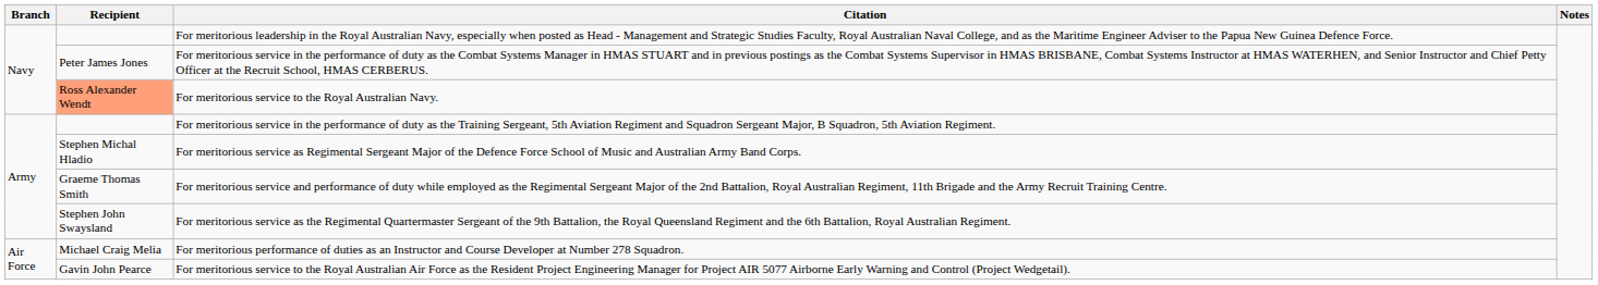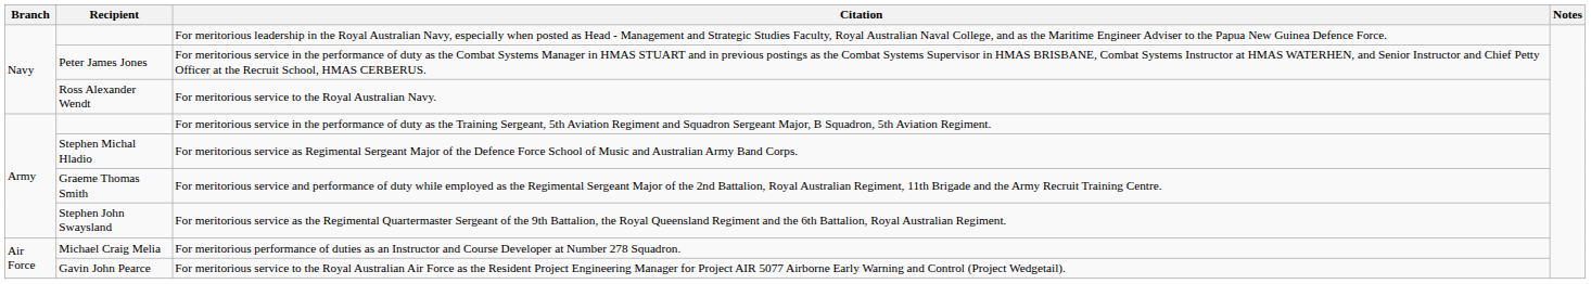 <table class="wikitable" style="font-size:95%;">
 <tr>
 <th>Branch</th>
 <th>Recipient</th>
 <th>Citation</th>
 <th>Notes</th>
 </tr>
 <tr>
 <td rowspan=3>Navy</td>
 <td></td>
 <td>For meritorious leadership in the Royal Australian Navy, especially when posted as Head - Management and Strategic Studies Faculty, Royal Australian Naval College, and as the Maritime Engineer Adviser to the Papua New Guinea Defence Force.</td>
 <td rowspan=9></td>
 </tr>
 <tr>
 <td> Peter James Jones</td>
 <td>For meritorious service in the performance of duty as the Combat Systems Manager in HMAS STUART and in previous postings as the Combat Systems Supervisor in HMAS BRISBANE, Combat Systems Instructor at HMAS WATERHEN, and Senior Instructor and Chief Petty Officer at the Recruit School, HMAS CERBERUS.</td>
 </tr>
 <tr>
-<td style="background: lightsalmon;"> Ross Alexander Wendt </td>
+<td> Ross Alexander Wendt </td>
 <td>For meritorious service to the Royal Australian Navy.</td>
 </tr>
 <tr>
 <td rowspan=4>Army</td>
 <td></td>
 <td>For meritorious service in the performance of duty as the Training Sergeant, 5th Aviation Regiment and Squadron Sergeant Major, B Squadron, 5th Aviation Regiment.</td>
 </tr>
 <tr>
 <td> Stephen Michal Hladio</td>
 <td>For meritorious service as Regimental Sergeant Major of the Defence Force School of Music and Australian Army Band Corps.</td>
 </tr>
 <tr>
 <td> Graeme Thomas Smith</td>
 <td>For meritorious service and performance of duty while employed as the Regimental Sergeant Major of the 2nd Battalion, Royal Australian Regiment, 11th Brigade and the Army Recruit Training Centre.</td>
 </tr>
 <tr>
 <td> Stephen John Swaysland</td>
 <td>For meritorious service as the Regimental Quartermaster Sergeant of the 9th Battalion, the Royal Queensland Regiment and the 6th Battalion, Royal Australian Regiment.</td>
 </tr>
 <tr>
 <td rowspan=2>Air Force</td>
 <td> Michael Craig Melia</td>
 <td>For meritorious performance of duties as an Instructor and Course Developer at Number 278 Squadron.</td>
 </tr>
 <tr>
 <td> Gavin John Pearce</td>
 <td>For meritorious service to the Royal Australian Air Force as the Resident Project Engineering Manager for Project AIR 5077 Airborne Early Warning and Control (Project Wedgetail).</td>
 </tr>
 </table>
